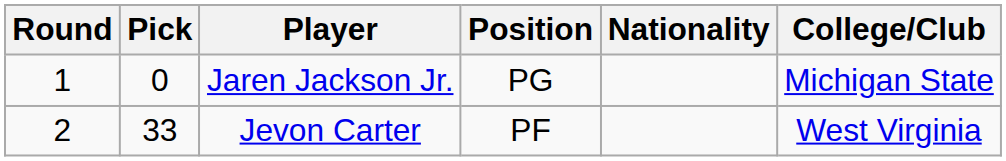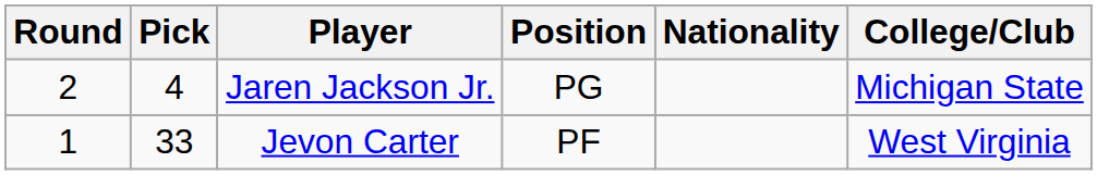 <table class="wikitable sortable sortable" style="text-align: center">
 <tr>
 <th>Round</th>
 <th>Pick</th>
 <th>Player</th>
 <th>Position</th>
 <th>Nationality</th>
 <th>College/Club</th>
 </tr>
 <tr>
-<td>1</td>
-<td>0</td>
+<td>2</td>
+<td>4</td>
 <td><a href='#'>Jaren Jackson Jr.</a></td>
 <td>PG</td>
 <td></td>
 <td><a href='#'>Michigan State</a></td>
 </tr>
 <tr>
-<td>2</td>
+<td>1</td>
 <td>33</td>
 <td><a href='#'>Jevon Carter</a></td>
 <td>PF</td>
 <td></td>
 <td><a href='#'>West Virginia</a></td>
 </tr>
 </table>
